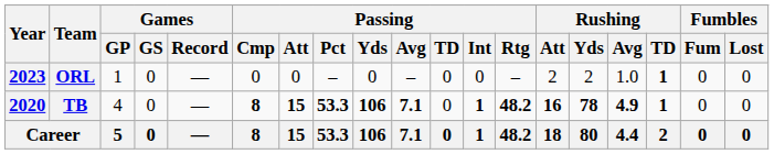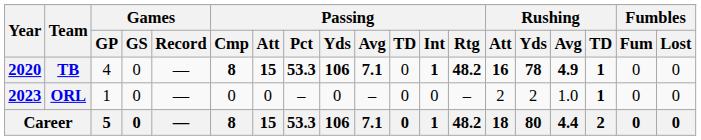 <table class="wikitable" style="text-align:center;">
 <tr>
 </tr>
 <tr>
 <th rowspan="2">Year</th>
 <th rowspan="2">Team</th>
 <th colspan="3">Games</th>
 <th colspan="8">Passing</th>
 <th colspan="4">Rushing</th>
 <th colspan="2">Fumbles</th>
 </tr>
 <tr>
 <th>GP</th>
 <th>GS</th>
 <th>Record</th>
 <th>Cmp</th>
 <th>Att</th>
 <th>Pct</th>
 <th>Yds</th>
 <th>Avg</th>
 <th>TD</th>
 <th>Int</th>
 <th>Rtg</th>
 <th>Att</th>
 <th>Yds</th>
 <th>Avg</th>
 <th>TD</th>
 <th>Fum</th>
 <th>Lost</th>
 </tr>
 <tr>
+<th><a href='#'>2020</a></th>
+<th><a href='#'>TB</a></th>
+<td>4</td>
+<td>0</td>
+<td>―</td>
+<td><strong>8</strong></td>
+<td><strong>15</strong></td>
+<td><strong>53.3</strong></td>
+<td><strong>106</strong></td>
+<td><strong>7.1</strong></td>
+<td>0</td>
+<td><strong>1</strong></td>
+<td><strong>48.2</strong></td>
+<td><strong>16</strong></td>
+<td><strong>78</strong></td>
+<td><strong>4.9</strong></td>
+<td><strong>1</strong></td>
+<td>0</td>
+<td>0</td>
+</tr>
+<tr>
 <th><a href='#'>2023</a></th>
 <th><a href='#'>ORL</a></th>
 <td>1</td>
 <td>0</td>
 <td>―</td>
 <td>0</td>
 <td>0</td>
 <td>–</td>
 <td>0</td>
 <td>–</td>
 <td>0</td>
 <td>0</td>
 <td>–</td>
 <td>2</td>
 <td>2</td>
 <td>1.0</td>
-<td><strong>1</strong></td>
-<td>0</td>
-<td>0</td>
-</tr>
-<tr>
-<th><a href='#'>2020</a></th>
-<th><a href='#'>TB</a></th>
-<td>4</td>
-<td>0</td>
-<td>―</td>
-<td><strong>8</strong></td>
-<td><strong>15</strong></td>
-<td><strong>53.3</strong></td>
-<td><strong>106</strong></td>
-<td><strong>7.1</strong></td>
-<td>0</td>
-<td><strong>1</strong></td>
-<td><strong>48.2</strong></td>
-<td><strong>16</strong></td>
-<td><strong>78</strong></td>
-<td><strong>4.9</strong></td>
 <td><strong>1</strong></td>
 <td>0</td>
 <td>0</td>
 </tr>
 <tr>
 <th colspan="2">Career</th>
 <th>5</th>
 <th>0</th>
 <th>―</th>
 <th>8</th>
 <th>15</th>
 <th>53.3</th>
 <th>106</th>
 <th>7.1</th>
 <th>0</th>
 <th>1</th>
 <th>48.2</th>
 <th>18</th>
 <th>80</th>
 <th>4.4</th>
 <th>2</th>
 <th>0</th>
 <th>0</th>
 </tr>
 </table>
